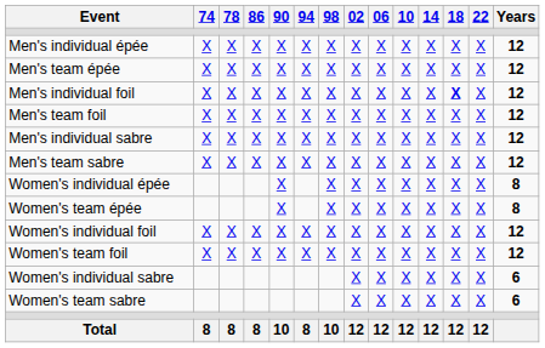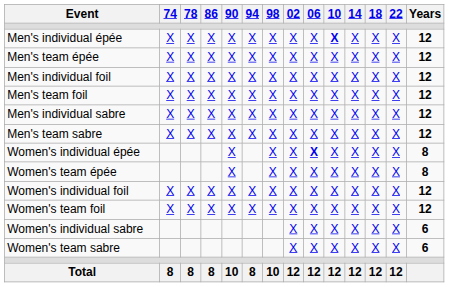 <table class=wikitable style="text-align:center">
 <tr>
 <th width="200">Event</th>
 <th width=20><a href='#'>74</a></th>
 <th width=20><a href='#'>78</a></th>
 <th width=20><a href='#'>86</a></th>
 <th width=20><a href='#'>90</a></th>
 <th width=20><a href='#'>94</a></th>
 <th width=20><a href='#'>98</a></th>
 <th width=20><a href='#'>02</a></th>
 <th width=20><a href='#'>06</a></th>
 <th width=20><a href='#'>10</a></th>
 <th width=20><a href='#'>14</a></th>
 <th width=20><a href='#'>18</a></th>
 <th width=20><a href='#'>22</a></th>
 <th width=40>Years</th>
 </tr>
 <tr bgcolor=#DDDDDD>
 <td colspan=14></td>
 </tr>
 <tr>
 <td align=left>Men's individual épée</td>
 <td><a href='#'>X</a></td>
 <td><a href='#'>X</a></td>
 <td><a href='#'>X</a></td>
 <td><a href='#'>X</a></td>
 <td><a href='#'>X</a></td>
 <td><a href='#'>X</a></td>
 <td><a href='#'>X</a></td>
 <td><a href='#'>X</a></td>
-<td><a href='#'>X</a></td>
+<td><strong><a href='#'>X</a></strong></td>
 <td><a href='#'>X</a></td>
 <td><a href='#'>X</a></td>
 <td><a href='#'>X</a></td>
 <td><strong>12</strong></td>
 </tr>
 <tr>
 <td align=left>Men's team épée</td>
 <td><a href='#'>X</a></td>
 <td><a href='#'>X</a></td>
 <td><a href='#'>X</a></td>
 <td><a href='#'>X</a></td>
 <td><a href='#'>X</a></td>
 <td><a href='#'>X</a></td>
 <td><a href='#'>X</a></td>
 <td><a href='#'>X</a></td>
 <td><a href='#'>X</a></td>
 <td><a href='#'>X</a></td>
 <td><a href='#'>X</a></td>
 <td><a href='#'>X</a></td>
 <td><strong>12</strong></td>
 </tr>
 <tr>
 <td align=left>Men's individual foil</td>
 <td><a href='#'>X</a></td>
 <td><a href='#'>X</a></td>
 <td><a href='#'>X</a></td>
 <td><a href='#'>X</a></td>
 <td><a href='#'>X</a></td>
 <td><a href='#'>X</a></td>
 <td><a href='#'>X</a></td>
 <td><a href='#'>X</a></td>
 <td><a href='#'>X</a></td>
 <td><a href='#'>X</a></td>
-<td><strong><a href='#'>X</a></strong></td>
+<td><a href='#'>X</a></td>
 <td><a href='#'>X</a></td>
 <td><strong>12</strong></td>
 </tr>
 <tr>
 <td align=left>Men's team foil</td>
 <td><a href='#'>X</a></td>
 <td><a href='#'>X</a></td>
 <td><a href='#'>X</a></td>
 <td><a href='#'>X</a></td>
 <td><a href='#'>X</a></td>
 <td><a href='#'>X</a></td>
 <td><a href='#'>X</a></td>
 <td><a href='#'>X</a></td>
 <td><a href='#'>X</a></td>
 <td><a href='#'>X</a></td>
 <td><a href='#'>X</a></td>
 <td><a href='#'>X</a></td>
 <td><strong>12</strong></td>
 </tr>
 <tr>
 <td align=left>Men's individual sabre</td>
 <td><a href='#'>X</a></td>
 <td><a href='#'>X</a></td>
 <td><a href='#'>X</a></td>
 <td><a href='#'>X</a></td>
 <td><a href='#'>X</a></td>
 <td><a href='#'>X</a></td>
 <td><a href='#'>X</a></td>
 <td><a href='#'>X</a></td>
 <td><a href='#'>X</a></td>
 <td><a href='#'>X</a></td>
 <td><a href='#'>X</a></td>
 <td><a href='#'>X</a></td>
 <td><strong>12</strong></td>
 </tr>
 <tr>
 <td align=left>Men's team sabre</td>
 <td><a href='#'>X</a></td>
 <td><a href='#'>X</a></td>
 <td><a href='#'>X</a></td>
 <td><a href='#'>X</a></td>
 <td><a href='#'>X</a></td>
 <td><a href='#'>X</a></td>
 <td><a href='#'>X</a></td>
 <td><a href='#'>X</a></td>
 <td><a href='#'>X</a></td>
 <td><a href='#'>X</a></td>
 <td><a href='#'>X</a></td>
 <td><a href='#'>X</a></td>
 <td><strong>12</strong></td>
 </tr>
 <tr>
 <td align=left>Women's individual épée</td>
 <td></td>
 <td></td>
 <td></td>
 <td><a href='#'>X</a></td>
 <td></td>
 <td><a href='#'>X</a></td>
 <td><a href='#'>X</a></td>
-<td><a href='#'>X</a></td>
+<td><strong><a href='#'>X</a></strong></td>
 <td><a href='#'>X</a></td>
 <td><a href='#'>X</a></td>
 <td><a href='#'>X</a></td>
 <td><a href='#'>X</a></td>
 <td><strong>8</strong></td>
 </tr>
 <tr>
 <td align=left>Women's team épée</td>
 <td></td>
 <td></td>
 <td></td>
 <td><a href='#'>X</a></td>
 <td></td>
 <td><a href='#'>X</a></td>
 <td><a href='#'>X</a></td>
 <td><a href='#'>X</a></td>
 <td><a href='#'>X</a></td>
 <td><a href='#'>X</a></td>
 <td><a href='#'>X</a></td>
 <td><a href='#'>X</a></td>
 <td><strong>8</strong></td>
 </tr>
 <tr>
 <td align=left>Women's individual foil</td>
 <td><a href='#'>X</a></td>
 <td><a href='#'>X</a></td>
 <td><a href='#'>X</a></td>
 <td><a href='#'>X</a></td>
 <td><a href='#'>X</a></td>
 <td><a href='#'>X</a></td>
 <td><a href='#'>X</a></td>
 <td><a href='#'>X</a></td>
 <td><a href='#'>X</a></td>
 <td><a href='#'>X</a></td>
 <td><a href='#'>X</a></td>
 <td><a href='#'>X</a></td>
 <td><strong>12</strong></td>
 </tr>
 <tr>
 <td align=left>Women's team foil</td>
 <td><a href='#'>X</a></td>
 <td><a href='#'>X</a></td>
 <td><a href='#'>X</a></td>
 <td><a href='#'>X</a></td>
 <td><a href='#'>X</a></td>
 <td><a href='#'>X</a></td>
 <td><a href='#'>X</a></td>
 <td><a href='#'>X</a></td>
 <td><a href='#'>X</a></td>
 <td><a href='#'>X</a></td>
 <td><a href='#'>X</a></td>
 <td><a href='#'>X</a></td>
 <td><strong>12</strong></td>
 </tr>
 <tr>
 <td align=left>Women's individual sabre</td>
 <td></td>
 <td></td>
 <td></td>
 <td></td>
 <td></td>
 <td></td>
 <td><a href='#'>X</a></td>
 <td><a href='#'>X</a></td>
 <td><a href='#'>X</a></td>
 <td><a href='#'>X</a></td>
 <td><a href='#'>X</a></td>
 <td><a href='#'>X</a></td>
 <td><strong>6</strong></td>
 </tr>
 <tr>
 <td align=left>Women's team sabre</td>
 <td></td>
 <td></td>
 <td></td>
 <td></td>
 <td></td>
 <td></td>
 <td><a href='#'>X</a></td>
 <td><a href='#'>X</a></td>
 <td><a href='#'>X</a></td>
 <td><a href='#'>X</a></td>
 <td><a href='#'>X</a></td>
 <td><a href='#'>X</a></td>
 <td><strong>6</strong></td>
 </tr>
 <tr bgcolor=#DDDDDD>
 <td colspan=14></td>
 </tr>
 <tr>
 <th>Total</th>
 <th>8</th>
 <th>8</th>
 <th>8</th>
 <th>10</th>
 <th>8</th>
 <th>10</th>
 <th>12</th>
 <th>12</th>
 <th>12</th>
 <th>12</th>
 <th>12</th>
 <th>12</th>
 <th></th>
 </tr>
 </table>
